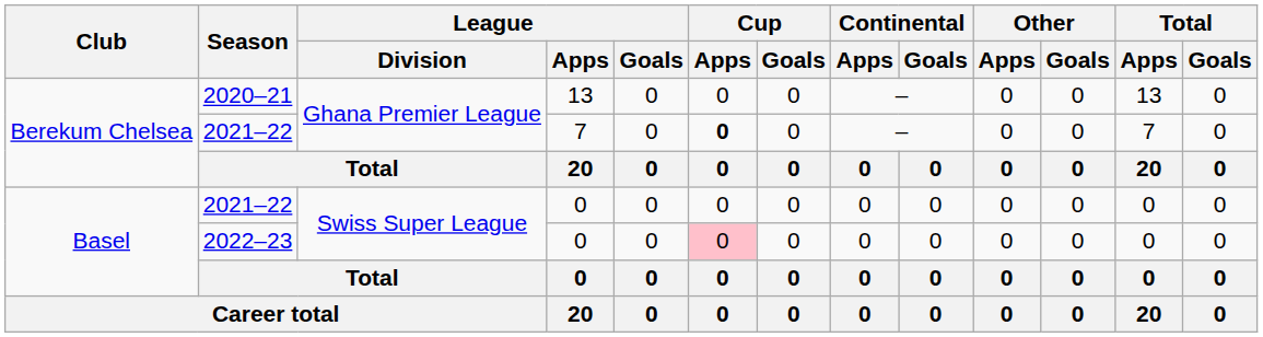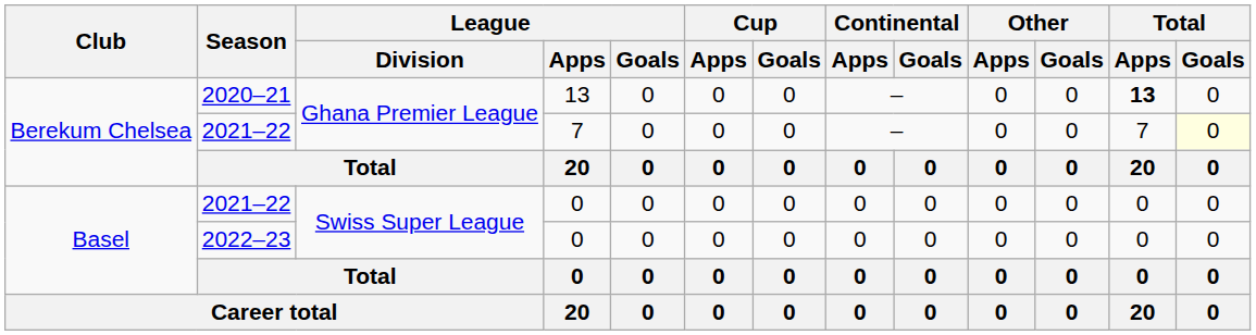 <table class="wikitable" style="text-align:center">
 <tr>
 <th rowspan="2">Club</th>
 <th rowspan="2">Season</th>
 <th colspan="3">League</th>
 <th colspan="2">Cup</th>
 <th colspan="2">Continental</th>
 <th colspan="2">Other</th>
 <th colspan="2">Total</th>
 </tr>
 <tr>
 <th>Division</th>
 <th>Apps</th>
 <th>Goals</th>
 <th>Apps</th>
 <th>Goals</th>
 <th>Apps</th>
 <th>Goals</th>
 <th>Apps</th>
 <th>Goals</th>
 <th>Apps</th>
 <th>Goals</th>
 </tr>
 <tr>
 <td rowspan="3"><a href='#'>Berekum Chelsea</a></td>
 <td><a href='#'>2020–21</a></td>
 <td rowspan="2"><a href='#'>Ghana Premier League</a></td>
 <td>13</td>
 <td>0</td>
 <td>0</td>
 <td>0</td>
 <td colspan="2">–</td>
 <td>0</td>
 <td>0</td>
-<td>13</td>
+<td><strong>13</strong></td>
 <td>0</td>
 </tr>
 <tr>
 <td><a href='#'>2021–22</a></td>
 <td>7</td>
 <td>0</td>
-<td><strong>0</strong></td>
+<td>0</td>
 <td>0</td>
 <td colspan="2">–</td>
 <td>0</td>
 <td>0</td>
 <td>7</td>
-<td>0</td>
+<td style="background: lightyellow;">0</td>
 </tr>
 <tr>
 <th colspan="2">Total</th>
 <th>20</th>
 <th>0</th>
 <th>0</th>
 <th>0</th>
 <th>0</th>
 <th>0</th>
 <th>0</th>
 <th>0</th>
 <th>20</th>
 <th>0</th>
 </tr>
 <tr>
 <td rowspan="3"><a href='#'>Basel</a></td>
 <td><a href='#'>2021–22</a></td>
 <td rowspan="2"><a href='#'>Swiss Super League</a></td>
 <td>0</td>
 <td>0</td>
 <td>0</td>
 <td>0</td>
 <td>0</td>
 <td>0</td>
 <td>0</td>
 <td>0</td>
 <td>0</td>
 <td>0</td>
 </tr>
 <tr>
 <td><a href='#'>2022–23</a></td>
 <td>0</td>
 <td>0</td>
-<td style="background: pink;">0</td>
+<td>0</td>
 <td>0</td>
 <td>0</td>
 <td>0</td>
 <td>0</td>
 <td>0</td>
 <td>0</td>
 <td>0</td>
 </tr>
 <tr>
 <th colspan="2">Total</th>
 <th>0</th>
 <th>0</th>
 <th>0</th>
 <th>0</th>
 <th>0</th>
 <th>0</th>
 <th>0</th>
 <th>0</th>
 <th>0</th>
 <th>0</th>
 </tr>
 <tr>
 <th colspan="3">Career total</th>
 <th>20</th>
 <th>0</th>
 <th>0</th>
 <th>0</th>
 <th>0</th>
 <th>0</th>
 <th>0</th>
 <th>0</th>
 <th>20</th>
 <th>0</th>
 </tr>
 </table>
